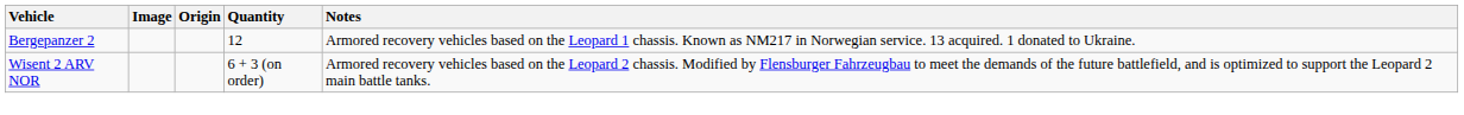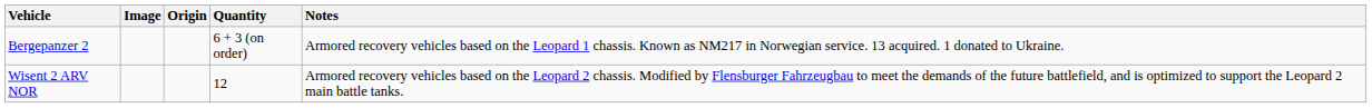 <table class="wikitable">
 <tr>
 <th style="text-align:left;">Vehicle</th>
 <th style="text_align:left;">Image</th>
 <th style="text-align:left;">Origin</th>
 <th style="text-align:left;">Quantity</th>
 <th style="text-align:left;">Notes</th>
 </tr>
 <tr>
 <td><a href='#'>Bergepanzer 2</a></td>
 <td></td>
 <td></td>
-<td>12</td>
+<td>6 + 3 (on order)</td>
 <td>Armored recovery vehicles based on the <a href='#'>Leopard 1</a> chassis. Known as NM217 in Norwegian service. 13 acquired. 1 donated to Ukraine.</td>
 </tr>
 <tr>
 <td><a href='#'>Wisent 2 ARV NOR</a></td>
 <td></td>
 <td></td>
-<td>6 + 3 (on order)</td>
+<td>12</td>
 <td>Armored recovery vehicles based on the <a href='#'>Leopard 2</a> chassis. Modified by <a href='#'>Flensburger Fahrzeugbau</a> to meet the demands of the future battlefield, and is optimized to support the Leopard 2 main battle tanks.</td>
 </tr>
 </table>
